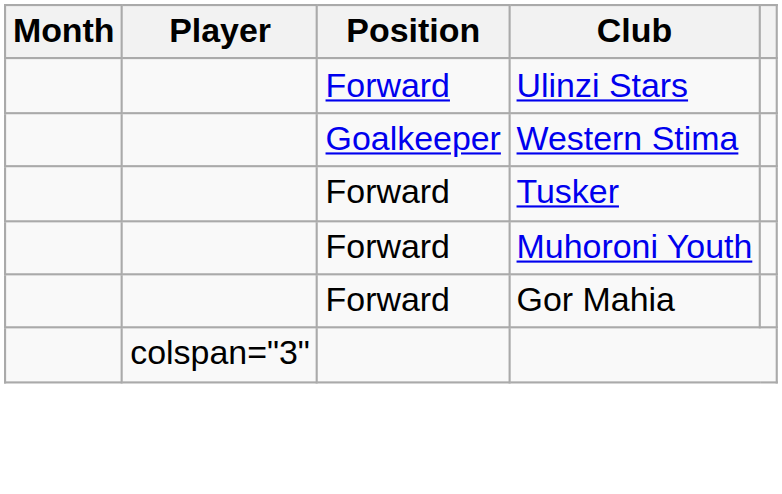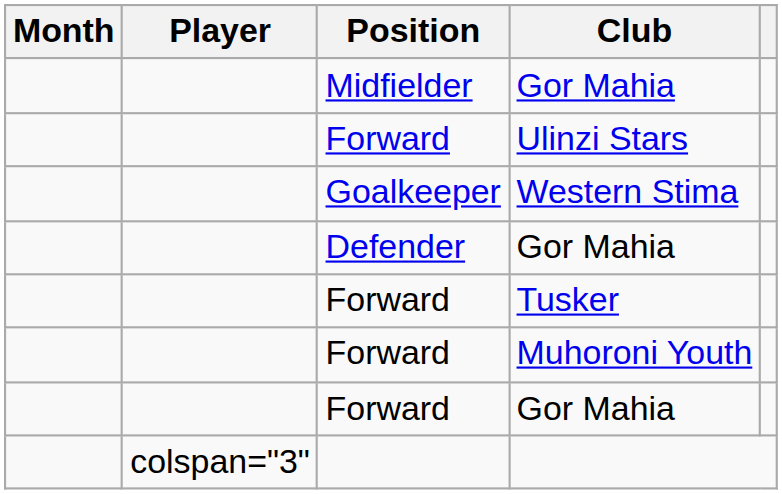 <table class="wikitable sortable">
 <tr>
 <th>Month</th>
 <th>Player</th>
 <th>Position</th>
 <th>Club</th>
 <th class="unsortable"></th>
+</tr>
+<tr>
+<td></td>
+<td> </td>
+<td><a href='#'>Midfielder</a></td>
+<td><a href='#'>Gor Mahia</a></td>
+<td></td>
 </tr>
 <tr>
 <td></td>
 <td> </td>
 <td><a href='#'>Forward</a></td>
 <td><a href='#'>Ulinzi Stars</a></td>
 <td></td>
 </tr>
 <tr>
 <td></td>
 <td> </td>
 <td><a href='#'>Goalkeeper</a></td>
 <td><a href='#'>Western Stima</a></td>
+<td></td>
+</tr>
+<tr>
+<td></td>
+<td> </td>
+<td><a href='#'>Defender</a></td>
+<td>Gor Mahia</td>
 <td></td>
 </tr>
 <tr>
 <td></td>
 <td> </td>
 <td>Forward</td>
 <td><a href='#'>Tusker</a></td>
 <td></td>
 </tr>
 <tr>
 <td></td>
 <td> </td>
 <td>Forward</td>
 <td><a href='#'>Muhoroni Youth</a></td>
 <td></td>
 </tr>
 <tr>
 <td></td>
 <td> </td>
 <td>Forward</td>
 <td>Gor Mahia</td>
 <td></td>
 </tr>
 <tr>
 <td></td>
 <td>colspan="3" </td>
 <td></td>
 </tr>
 </table>
